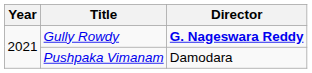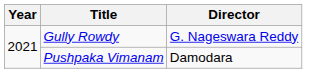 <table class="wikitable">
 <tr>
 <th>Year</th>
 <th>Title</th>
 <th>Director</th>
 </tr>
 <tr>
 <td rowspan="2">2021</td>
 <td><em><a href='#'>Gully Rowdy</a></em></td>
-<td><strong><a href='#'>G. Nageswara Reddy</a></strong></td>
+<td><a href='#'>G. Nageswara Reddy</a></td>
 </tr>
 <tr>
 <td><a href='#'><em>Pushpaka Vimanam</em></a></td>
 <td>Damodara</td>
 </tr>
 </table>
